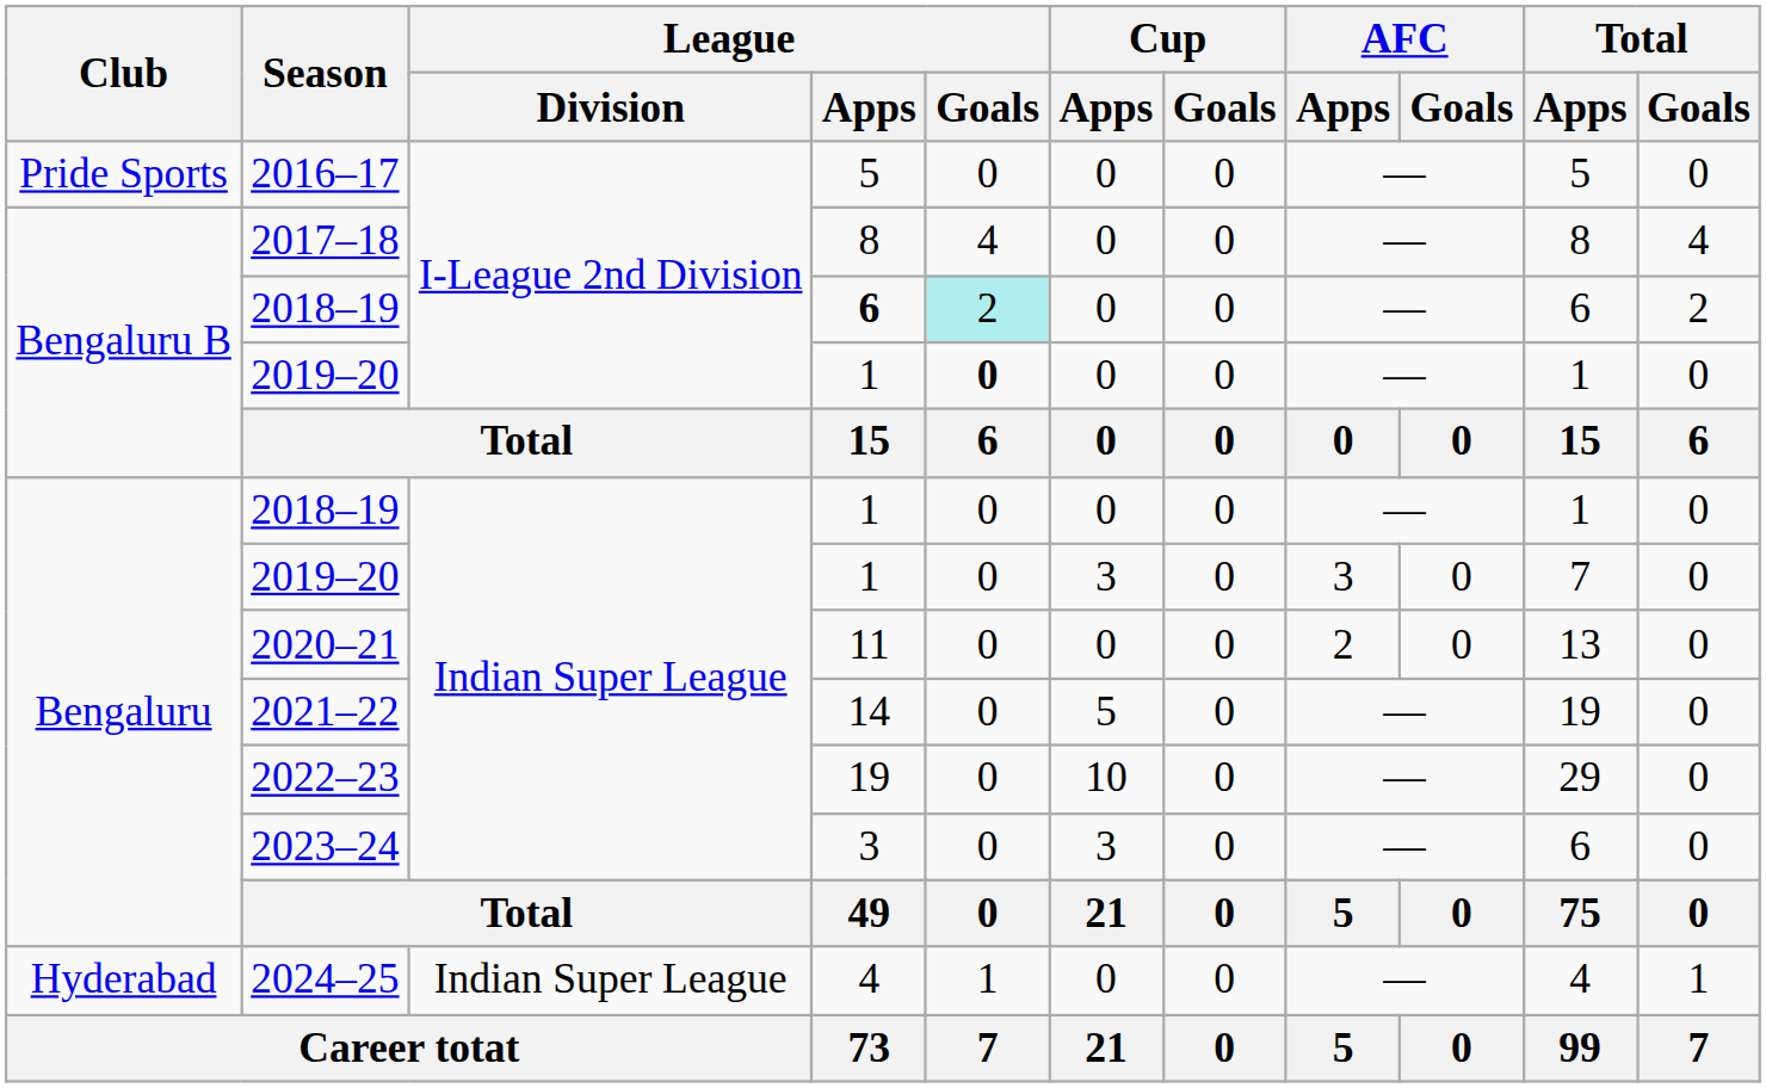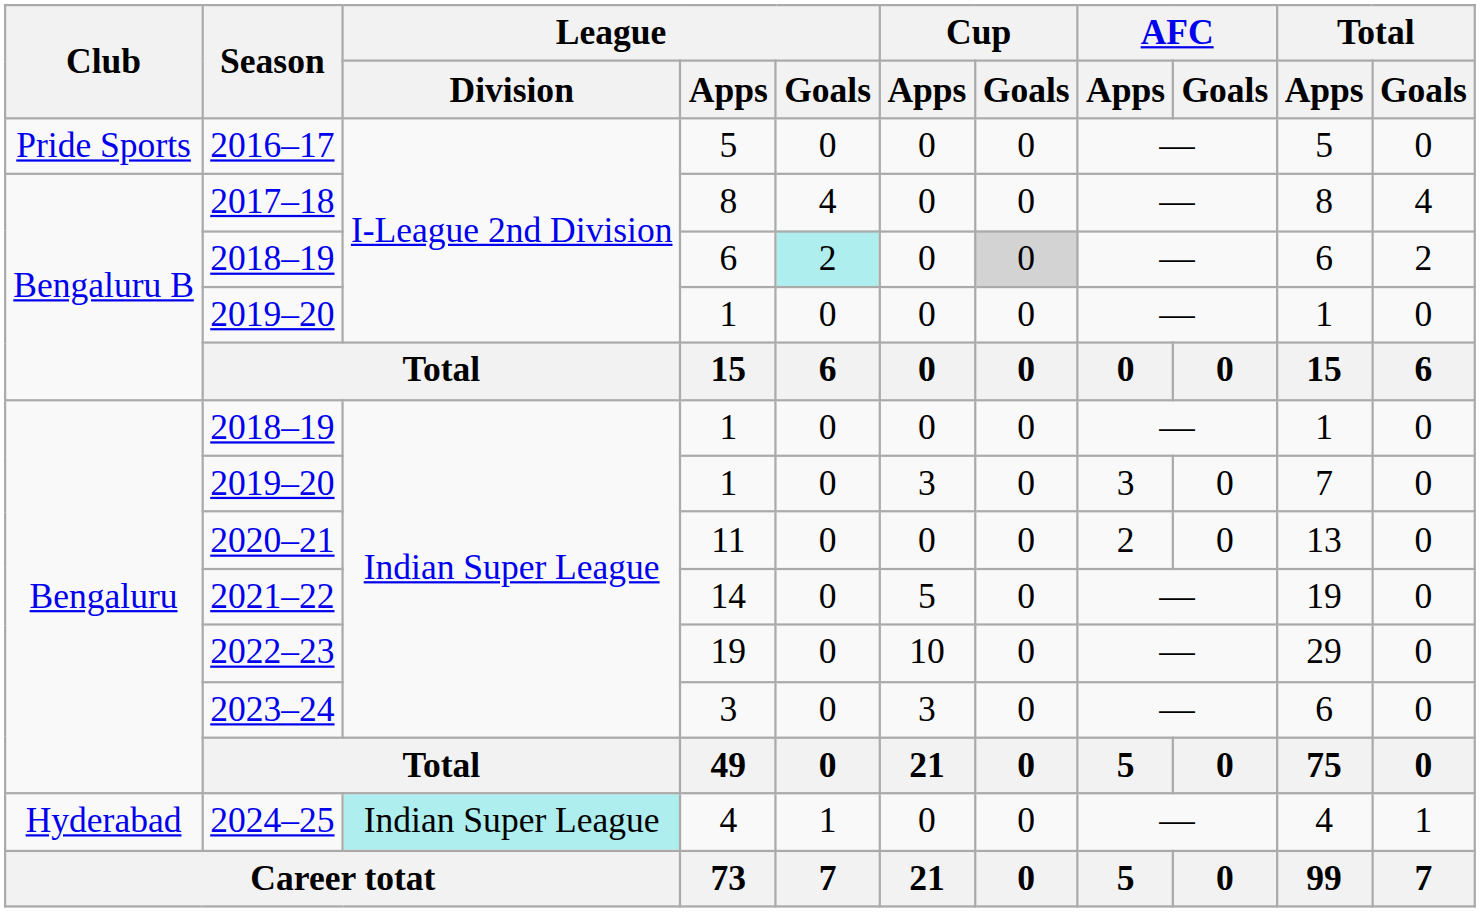 <table class="wikitable" style="text-align: center;">
 <tr>
 <th rowspan="2">Club</th>
 <th rowspan="2">Season</th>
 <th colspan="3">League</th>
 <th colspan="2">Cup</th>
 <th colspan="2"><a href='#'>AFC</a></th>
 <th colspan="2">Total</th>
 </tr>
 <tr>
 <th>Division</th>
 <th>Apps</th>
 <th>Goals</th>
 <th>Apps</th>
 <th>Goals</th>
 <th>Apps</th>
 <th>Goals</th>
 <th>Apps</th>
 <th>Goals</th>
 </tr>
 <tr>
 <td rowspan="1"><a href='#'>Pride Sports</a></td>
 <td><a href='#'>2016–17</a></td>
 <td rowspan="4"><a href='#'>I-League 2nd Division</a></td>
 <td>5</td>
 <td>0</td>
 <td>0</td>
 <td>0</td>
 <td colspan="2">—</td>
 <td>5</td>
 <td>0</td>
 </tr>
 <tr>
 <td rowspan="4"><a href='#'>Bengaluru B</a></td>
 <td><a href='#'>2017–18</a></td>
 <td>8</td>
 <td>4</td>
 <td>0</td>
 <td>0</td>
 <td colspan="2">—</td>
 <td>8</td>
 <td>4</td>
 </tr>
 <tr>
 <td><a href='#'>2018–19</a></td>
-<td><strong>6</strong></td>
+<td>6</td>
 <td style="background: paleturquoise;">2</td>
 <td>0</td>
-<td>0</td>
+<td style="background: lightgrey;">0</td>
 <td colspan="2">—</td>
 <td>6</td>
 <td>2</td>
 </tr>
 <tr>
 <td><a href='#'>2019–20</a></td>
 <td>1</td>
-<td><strong>0</strong></td>
+<td>0</td>
 <td>0</td>
 <td>0</td>
 <td colspan="2">—</td>
 <td>1</td>
 <td>0</td>
 </tr>
 <tr>
 <th colspan="2">Total</th>
 <th>15</th>
 <th>6</th>
 <th>0</th>
 <th>0</th>
 <th>0</th>
 <th>0</th>
 <th>15</th>
 <th>6</th>
 </tr>
 <tr>
 <td rowspan="7"><a href='#'>Bengaluru</a></td>
 <td><a href='#'>2018–19</a></td>
 <td rowspan="6"><a href='#'>Indian Super League</a></td>
 <td>1</td>
 <td>0</td>
 <td>0</td>
 <td>0</td>
 <td colspan="2">—</td>
 <td>1</td>
 <td>0</td>
 </tr>
 <tr>
 <td><a href='#'>2019–20</a></td>
 <td>1</td>
 <td>0</td>
 <td>3</td>
 <td>0</td>
 <td>3</td>
 <td>0</td>
 <td>7</td>
 <td>0</td>
 </tr>
 <tr>
 <td><a href='#'>2020–21</a></td>
 <td>11</td>
 <td>0</td>
 <td>0</td>
 <td>0</td>
 <td>2</td>
 <td>0</td>
 <td>13</td>
 <td>0</td>
 </tr>
 <tr>
 <td><a href='#'>2021–22</a></td>
 <td>14</td>
 <td>0</td>
 <td>5</td>
 <td>0</td>
 <td colspan="2">—</td>
 <td>19</td>
 <td>0</td>
 </tr>
 <tr>
 <td><a href='#'>2022–23</a></td>
 <td>19</td>
 <td>0</td>
 <td>10</td>
 <td>0</td>
 <td colspan="2">—</td>
 <td>29</td>
 <td>0</td>
 </tr>
 <tr>
 <td><a href='#'>2023–24</a></td>
 <td>3</td>
 <td>0</td>
 <td>3</td>
 <td>0</td>
 <td colspan="2">—</td>
 <td>6</td>
 <td>0</td>
 </tr>
 <tr>
 <th colspan="2">Total</th>
 <th>49</th>
 <th>0</th>
 <th>21</th>
 <th>0</th>
 <th>5</th>
 <th>0</th>
 <th>75</th>
 <th>0</th>
 </tr>
 <tr>
 <td rowspan="1"><a href='#'>Hyderabad</a></td>
 <td><a href='#'>2024–25</a></td>
-<td rowspan="1">Indian Super League</td>
+<td rowspan="1" style="background: paleturquoise;">Indian Super League</td>
 <td>4</td>
 <td>1</td>
 <td>0</td>
 <td>0</td>
 <td colspan="2">—</td>
 <td>4</td>
 <td>1</td>
 </tr>
 <tr>
 <th colspan="3">Career totat</th>
 <th>73</th>
 <th>7</th>
 <th>21</th>
 <th>0</th>
 <th>5</th>
 <th>0</th>
 <th>99</th>
 <th>7</th>
 </tr>
 </table>
